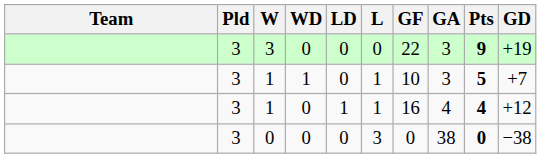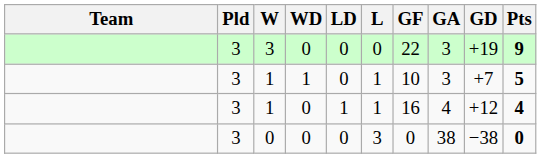 <table class="wikitable" style="text-align:center">
 <tr>
 <th width=175>Team</th>
 <th width=20>Pld</th>
 <th width=20>W</th>
 <th width=20>WD</th>
 <th width=20>LD</th>
 <th width=20>L</th>
 <th width=20>GF</th>
 <th width=20>GA</th>
+<th width=20>GD</th>
 <th width=20>Pts</th>
-<th width=20>GD</th>
 </tr>
 <tr bgcolor=ccffcc>
 <td align=left></td>
 <td>3</td>
 <td>3</td>
 <td>0</td>
 <td>0</td>
 <td>0</td>
 <td>22</td>
 <td>3</td>
+<td>+19</td>
 <td><strong>9</strong></td>
-<td>+19</td>
 </tr>
 <tr>
 <td align=left></td>
 <td>3</td>
 <td>1</td>
 <td>1</td>
 <td>0</td>
 <td>1</td>
 <td>10</td>
 <td>3</td>
+<td>+7</td>
 <td><strong>5</strong></td>
-<td>+7</td>
 </tr>
 <tr>
 <td align=left></td>
 <td>3</td>
 <td>1</td>
 <td>0</td>
 <td>1</td>
 <td>1</td>
 <td>16</td>
 <td>4</td>
+<td>+12</td>
 <td><strong>4</strong></td>
-<td>+12</td>
 </tr>
 <tr>
 <td align=left></td>
 <td>3</td>
 <td>0</td>
 <td>0</td>
 <td>0</td>
 <td>3</td>
 <td>0</td>
 <td>38</td>
+<td>−38</td>
 <td><strong>0</strong></td>
-<td>−38</td>
 </tr>
 </table>
